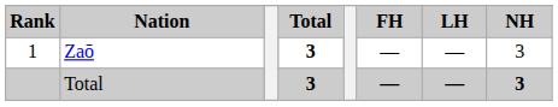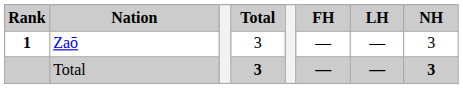 <table class="wikitable plainrowheaders" style="background:#fff; font-size:86%; line-height:16px; border:grey solid 1px; border-collapse:collapse;">
 <tr style="background:#ccc; text-align:center;">
 <th style="background:#ccc;">Rank</th>
 <th style="background:#ccc;">Nation</th>
 <th rowspan="3" width="2"> </th>
 <th width="40" style="background:#ccc;">Total</th>
 <th rowspan="3" width="2"> </th>
 <th style="background:#ccc;" width="40">FH</th>
 <th style="background:#ccc;" width="40">LH</th>
 <th style="background:#ccc;" width="40">NH</th>
 </tr>
 <tr align=center>
-<td align=center>1</td>
+<td align=center><strong>1</strong></td>
 <td align=left width=140> <a href='#'>Zaō</a></td>
-<td><strong>3</strong></td>
+<td>3</td>
 <td>—</td>
 <td>—</td>
 <td>3</td>
 </tr>
 <tr bgcolor=#D3D3D3 align=center>
 <th style="background:#ccc;"></th>
 <td style="background:#ccc;" align=left>Total</td>
 <td style="background:#ccc;"><strong>3</strong></td>
 <td style="background:#ccc;"><strong> — </strong></td>
 <td style="background:#ccc;"><strong> — </strong></td>
 <td style="background:#ccc;"><strong>3</strong></td>
 </tr>
 </table>
